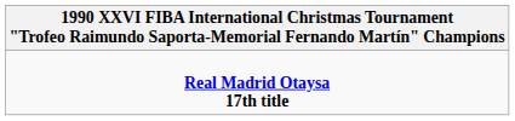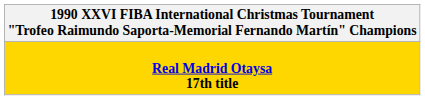 <table class=wikitable style="text-align:center; margin:auto">
 <tr>
 <th>1990 XXVI FIBA International Christmas Tournament<br>"Trofeo Raimundo Saporta-Memorial Fernando Martín" Champions</th>
 </tr>
 <tr>
-<td><br><strong><a href='#'>Real Madrid Otaysa</a></strong><br><strong>17th title</strong></td>
+<td style="background: gold;"><br><strong><a href='#'>Real Madrid Otaysa</a></strong><br><strong>17th title</strong></td>
 </tr>
 </table>
